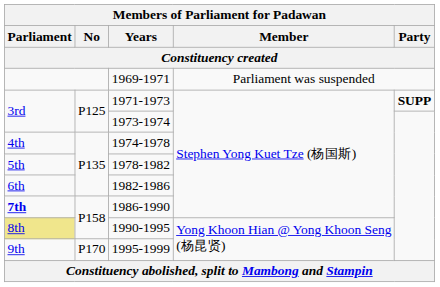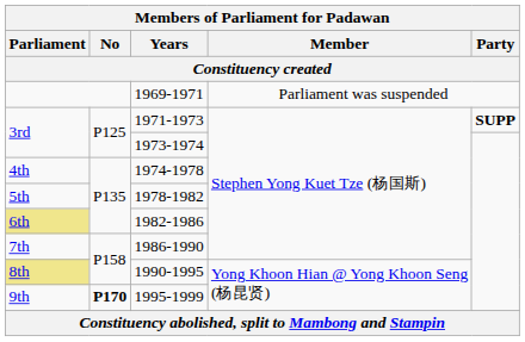 <table class=wikitable>
 <tr>
 <th colspan="5">Members of Parliament for Padawan</th>
 </tr>
 <tr>
 <th>Parliament</th>
 <th>No</th>
 <th>Years</th>
 <th>Member</th>
 <th>Party</th>
 </tr>
 <tr>
 <th colspan="5" align="center"><em>Constituency created</em></th>
 </tr>
 <tr>
 <td colspan="2"></td>
 <td>1969-1971</td>
 <td colspan=2 align=center>Parliament was suspended</td>
 </tr>
 <tr>
 <td rowspan=2><a href='#'>3rd</a></td>
 <td rowspan="2">P125</td>
 <td>1971-1973</td>
 <td rowspan=6><a href='#'>Stephen Yong Kuet Tze</a>  (杨国斯)</td>
 <td><strong>SUPP</strong></td>
 </tr>
 <tr>
 <td>1973-1974</td>
 <td rowspan=7></td>
 </tr>
 <tr>
 <td><a href='#'>4th</a></td>
 <td rowspan="3">P135</td>
 <td>1974-1978</td>
 </tr>
 <tr>
 <td><a href='#'>5th</a></td>
 <td>1978-1982</td>
 </tr>
 <tr>
-<td><a href='#'>6th</a></td>
+<td style="background: khaki;"><a href='#'>6th</a></td>
 <td>1982-1986</td>
 </tr>
 <tr>
-<td><strong><a href='#'>7th</a></strong></td>
+<td><a href='#'>7th</a></td>
 <td rowspan="2">P158</td>
 <td>1986-1990</td>
 </tr>
 <tr>
 <td style="background: khaki;"><a href='#'>8th</a></td>
 <td>1990-1995</td>
 <td rowspan=2><a href='#'>Yong Khoon Hian @ Yong Khoon Seng</a>  <br>(杨昆贤)</td>
 </tr>
 <tr>
 <td><a href='#'>9th</a></td>
-<td>P170</td>
+<td><strong>P170</strong></td>
 <td>1995-1999</td>
 </tr>
 <tr>
 <th colspan="5" align="center"><em>Constituency abolished, split to <a href='#'>Mambong</a> and  <a href='#'>Stampin</a></em></th>
 </tr>
 </table>
